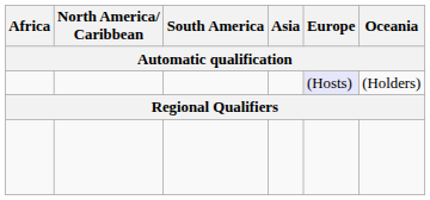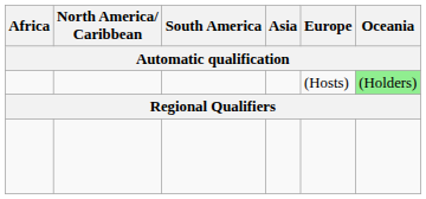 <table class="wikitable">
 <tr>
 <th>Africa</th>
 <th>North America/<br>Caribbean</th>
 <th>South America</th>
 <th>Asia</th>
 <th>Europe</th>
 <th>Oceania</th>
 </tr>
 <tr>
 <th colspan=6>Automatic qualification</th>
 </tr>
 <tr>
 <td></td>
 <td></td>
 <td></td>
 <td></td>
-<td style="background: lavender;"> (Hosts)</td>
-<td> (Holders)<br></td>
+<td> (Hosts)</td>
+<td style="background: lightgreen;"> (Holders)<br></td>
 </tr>
 <tr>
 <th colspan=6>Regional Qualifiers</th>
 </tr>
 <tr>
 <td></td>
 <td></td>
 <td></td>
 <td><br></td>
 <td><br><br><br><br></td>
 <td></td>
 </tr>
 </table>
